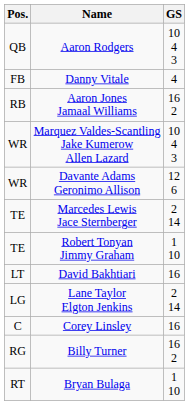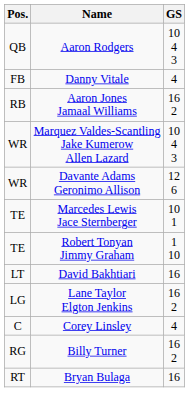 <table class="wikitable" style="text-align:center">
 <tr>
 <th>Pos.</th>
 <th>Name</th>
 <th>GS</th>
 </tr>
 <tr>
 <td>QB</td>
 <td><a href='#'>Aaron Rodgers</a></td>
 <td>10<br>4<br>3</td>
 </tr>
 <tr>
 <td>FB</td>
 <td><a href='#'>Danny Vitale</a></td>
 <td>4</td>
 </tr>
 <tr>
 <td>RB</td>
 <td><a href='#'>Aaron Jones</a><br><a href='#'>Jamaal Williams</a></td>
 <td>16<br>2</td>
 </tr>
 <tr>
 <td>WR</td>
 <td><a href='#'>Marquez Valdes-Scantling</a><br><a href='#'>Jake Kumerow</a><br><a href='#'>Allen Lazard</a></td>
 <td>10<br>4<br>3</td>
 </tr>
 <tr>
 <td>WR</td>
 <td><a href='#'>Davante Adams</a><br><a href='#'>Geronimo Allison</a></td>
 <td>12<br>6</td>
 </tr>
 <tr>
 <td>TE</td>
 <td><a href='#'>Marcedes Lewis</a><br><a href='#'>Jace Sternberger</a></td>
-<td>2<br>14</td>
+<td>10<br>1</td>
 </tr>
 <tr>
 <td>TE</td>
 <td><a href='#'>Robert Tonyan</a><br><a href='#'>Jimmy Graham</a></td>
 <td>1<br>10</td>
 </tr>
 <tr>
 <td>LT</td>
 <td><a href='#'>David Bakhtiari</a></td>
 <td>16</td>
 </tr>
 <tr>
 <td>LG</td>
 <td><a href='#'>Lane Taylor</a><br><a href='#'>Elgton Jenkins</a></td>
-<td>2<br>14</td>
+<td>16<br>2</td>
 </tr>
 <tr>
 <td>C</td>
 <td><a href='#'>Corey Linsley</a></td>
-<td>16</td>
+<td>4</td>
 </tr>
 <tr>
 <td>RG</td>
 <td><a href='#'>Billy Turner</a></td>
 <td>16<br>2</td>
 </tr>
 <tr>
 <td>RT</td>
 <td><a href='#'>Bryan Bulaga</a></td>
-<td>1<br>10</td>
+<td>16</td>
 </tr>
 </table>
